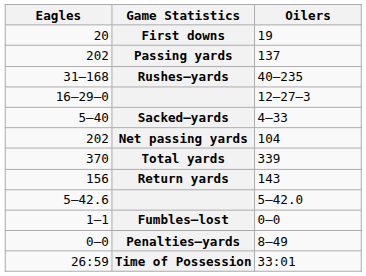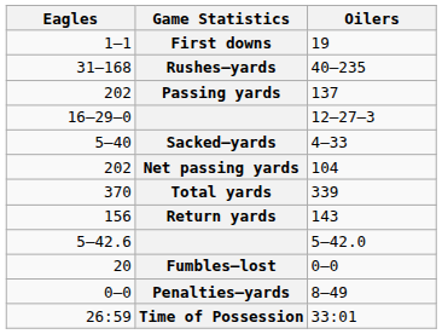 <table class="wikitable" style="margin: 1em auto 1em auto">
 <tr>
 <th style="width:30%;">Eagles</th>
 <th style="width:40%;">Game Statistics</th>
 <th style="width:30%;">Oilers</th>
 </tr>
 <tr>
-<td style="text-align:right;">20</td>
+<td style="text-align:right;">1–1</td>
 <th>First downs</th>
 <td>19</td>
+</tr>
+<tr>
+<td style="text-align:right;">31–168</td>
+<th>Rushes–yards</th>
+<td>40–235</td>
 </tr>
 <tr>
 <td style="text-align:right;">202</td>
 <th>Passing yards</th>
 <td>137</td>
-</tr>
-<tr>
-<td style="text-align:right;">31–168</td>
-<th>Rushes–yards</th>
-<td>40–235</td>
 </tr>
 <tr>
 <td style="text-align:right;">16–29–0</td>
 <th></th>
 <td>12–27–3</td>
 </tr>
 <tr>
 <td style="text-align:right;">5–40</td>
 <th>Sacked–yards</th>
 <td>4–33</td>
 </tr>
 <tr>
 <td style="text-align:right;">202</td>
 <th>Net passing yards</th>
 <td>104</td>
 </tr>
 <tr>
 <td style="text-align:right;">370</td>
 <th>Total yards</th>
 <td>339</td>
 </tr>
 <tr>
 <td style="text-align:right;">156</td>
 <th>Return yards</th>
 <td>143</td>
 </tr>
 <tr>
 <td style="text-align:right;">5–42.6</td>
 <th></th>
 <td>5–42.0</td>
 </tr>
 <tr>
-<td style="text-align:right;">1–1</td>
+<td style="text-align:right;">20</td>
 <th>Fumbles–lost</th>
 <td>0–0</td>
 </tr>
 <tr>
 <td style="text-align:right;">0–0</td>
 <th>Penalties–yards</th>
 <td>8–49</td>
 </tr>
 <tr>
 <td style="text-align:right;">26:59</td>
 <th>Time of Possession</th>
 <td>33:01</td>
 </tr>
 </table>
